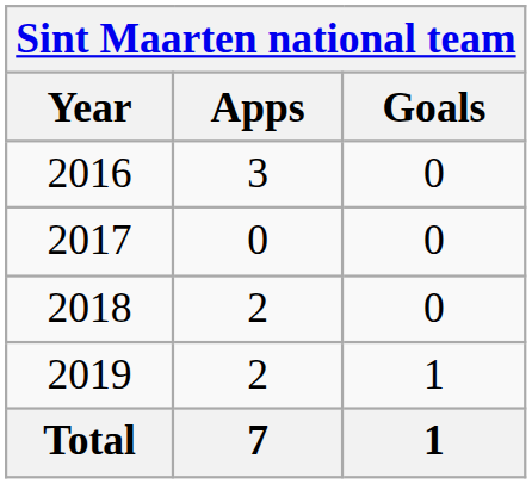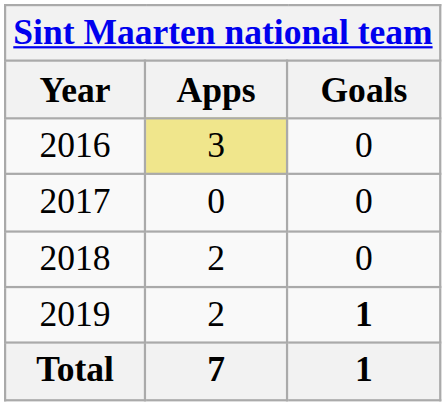 <table class="wikitable" style="text-align:center">
 <tr>
 <th colspan=3><a href='#'>Sint Maarten national team</a></th>
 </tr>
 <tr>
 <th>Year</th>
 <th>Apps</th>
 <th>Goals</th>
 </tr>
 <tr>
 <td>2016</td>
-<td>3</td>
+<td style="background: khaki;">3</td>
 <td>0</td>
 </tr>
 <tr>
 <td>2017</td>
 <td>0</td>
 <td>0</td>
 </tr>
 <tr>
 <td>2018</td>
 <td>2</td>
 <td>0</td>
 </tr>
 <tr>
 <td>2019</td>
 <td>2</td>
-<td>1</td>
+<td><strong>1</strong></td>
 </tr>
 <tr>
 <th>Total</th>
 <th>7</th>
 <th>1</th>
 </tr>
 </table>
